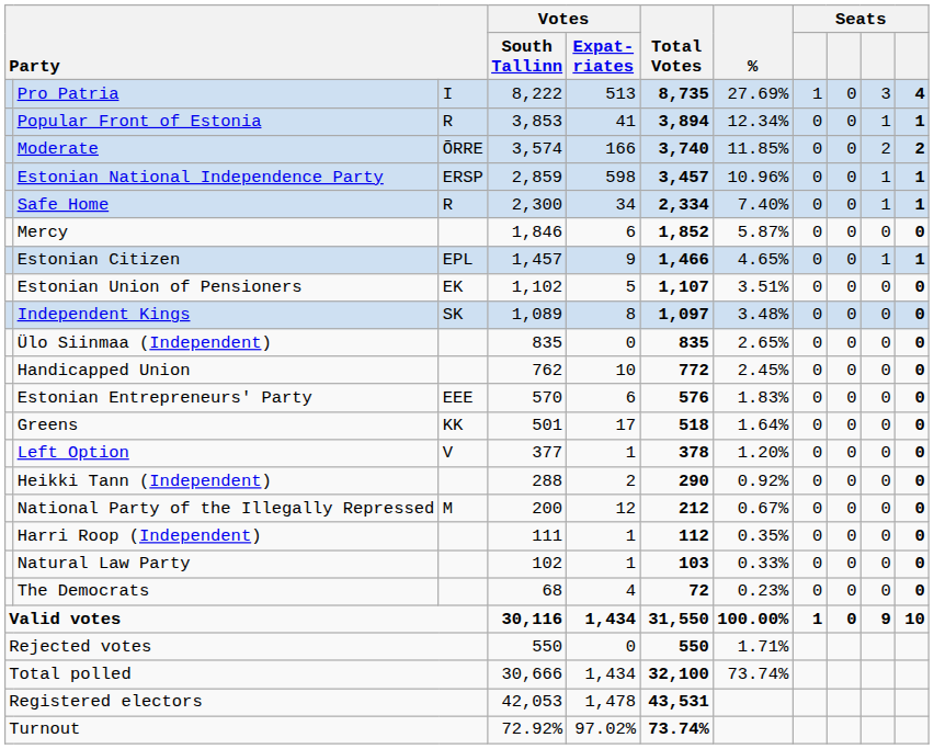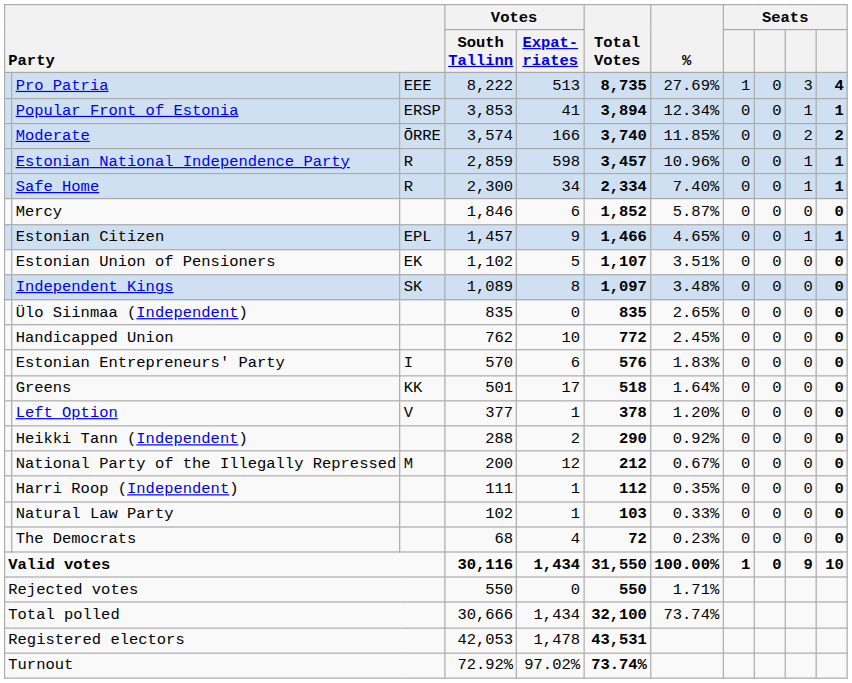 <table class="wikitable" border="1" style="text-align:right;">
 <tr>
 <th style="text-align:left;" valign=bottom rowspan=2 colspan=3>Party</th>
 <th colspan=2>Votes</th>
 <th align=center valign=bottom rowspan=2 width="50">Total Votes</th>
 <th align=center valign=bottom rowspan=2 width="50">%</th>
 <th colspan=4>Seats</th>
 </tr>
 <tr>
 <th align=center valign=bottom width="50">South <a href='#'>Tallinn</a></th>
 <th align=center valign=bottom width="50"><a href='#'>Expat- riates</a></th>
 <th align=center valign=bottom width="20"><small></small></th>
 <th align=center valign=bottom width="20"><small></small></th>
 <th align=center valign=bottom width="20"><small></small></th>
 <th align=center valign=bottom width="20"><small></small></th>
 </tr>
 <tr style="background:#CEE0F2;">
 <td style="background:"></td>
 <td align=left><a href='#'>Pro Patria</a></td>
-<td align=left>I</td>
+<td align=left>EEE</td>
 <td>8,222</td>
 <td>513</td>
 <td><strong>8,735</strong></td>
 <td>27.69%</td>
 <td>1</td>
 <td>0</td>
 <td>3</td>
 <td><strong>4</strong></td>
 </tr>
 <tr style="background:#CEE0F2;">
 <td style="background:"></td>
 <td align=left><a href='#'>Popular Front of Estonia</a></td>
-<td align=left>R</td>
+<td align=left>ERSP</td>
 <td>3,853</td>
 <td>41</td>
 <td><strong>3,894</strong></td>
 <td>12.34%</td>
 <td>0</td>
 <td>0</td>
 <td>1</td>
 <td><strong>1</strong></td>
 </tr>
 <tr style="background:#CEE0F2;">
 <td style="background:"></td>
 <td align=left><a href='#'>Moderate</a></td>
 <td align=left>ÕRRE</td>
 <td>3,574</td>
 <td>166</td>
 <td><strong>3,740</strong></td>
 <td>11.85%</td>
 <td>0</td>
 <td>0</td>
 <td>2</td>
 <td><strong>2</strong></td>
 </tr>
 <tr style="background:#CEE0F2;">
 <td></td>
 <td align=left><a href='#'>Estonian National Independence Party</a></td>
-<td align=left>ERSP</td>
+<td align=left>R</td>
 <td>2,859</td>
 <td>598</td>
 <td><strong>3,457</strong></td>
 <td>10.96%</td>
 <td>0</td>
 <td>0</td>
 <td>1</td>
 <td><strong>1</strong></td>
 </tr>
 <tr style="background:#CEE0F2;">
 <td style="background:"></td>
 <td align=left><a href='#'>Safe Home</a></td>
 <td align=left>R</td>
 <td>2,300</td>
 <td>34</td>
 <td><strong>2,334</strong></td>
 <td>7.40%</td>
 <td>0</td>
 <td>0</td>
 <td>1</td>
 <td><strong>1</strong></td>
 </tr>
 <tr>
 <td></td>
 <td align=left>Mercy</td>
 <td></td>
 <td>1,846</td>
 <td>6</td>
 <td><strong>1,852</strong></td>
 <td>5.87%</td>
 <td>0</td>
 <td>0</td>
 <td>0</td>
 <td><strong>0</strong></td>
 </tr>
 <tr style="background:#CEE0F2;">
 <td></td>
 <td align=left>Estonian Citizen</td>
 <td align=left>EPL</td>
 <td>1,457</td>
 <td>9</td>
 <td><strong>1,466</strong></td>
 <td>4.65%</td>
 <td>0</td>
 <td>0</td>
 <td>1</td>
 <td><strong>1</strong></td>
 </tr>
 <tr>
 <td></td>
 <td align=left>Estonian Union of Pensioners</td>
 <td align=left>EK</td>
 <td>1,102</td>
 <td>5</td>
 <td><strong>1,107</strong></td>
 <td>3.51%</td>
 <td>0</td>
 <td>0</td>
 <td>0</td>
 <td><strong>0</strong></td>
 </tr>
 <tr style="background:#CEE0F2;">
 <td></td>
 <td align=left><a href='#'>Independent Kings</a></td>
 <td align=left>SK</td>
 <td>1,089</td>
 <td>8</td>
 <td><strong>1,097</strong></td>
 <td>3.48%</td>
 <td>0</td>
 <td>0</td>
 <td>0</td>
 <td><strong>0</strong></td>
 </tr>
 <tr>
 <td style="background:"></td>
 <td align=left>Ülo Siinmaa (<a href='#'>Independent</a>)</td>
 <td></td>
 <td>835</td>
 <td>0</td>
 <td><strong>835</strong></td>
 <td>2.65%</td>
 <td>0</td>
 <td>0</td>
 <td>0</td>
 <td><strong>0</strong></td>
 </tr>
 <tr>
 <td></td>
 <td align=left>Handicapped Union</td>
 <td></td>
 <td>762</td>
 <td>10</td>
 <td><strong>772</strong></td>
 <td>2.45%</td>
 <td>0</td>
 <td>0</td>
 <td>0</td>
 <td><strong>0</strong></td>
 </tr>
 <tr>
 <td></td>
 <td align=left>Estonian Entrepreneurs' Party</td>
-<td align=left>EEE</td>
+<td align=left>I</td>
 <td>570</td>
 <td>6</td>
 <td><strong>576</strong></td>
 <td>1.83%</td>
 <td>0</td>
 <td>0</td>
 <td>0</td>
 <td><strong>0</strong></td>
 </tr>
 <tr>
 <td></td>
 <td align=left>Greens</td>
 <td align=left>KK</td>
 <td>501</td>
 <td>17</td>
 <td><strong>518</strong></td>
 <td>1.64%</td>
 <td>0</td>
 <td>0</td>
 <td>0</td>
 <td><strong>0</strong></td>
 </tr>
 <tr>
 <td style="background:"></td>
 <td align=left><a href='#'>Left Option</a></td>
 <td align=left>V</td>
 <td>377</td>
 <td>1</td>
 <td><strong>378</strong></td>
 <td>1.20%</td>
 <td>0</td>
 <td>0</td>
 <td>0</td>
 <td><strong>0</strong></td>
 </tr>
 <tr>
 <td style="background:"></td>
 <td align=left>Heikki Tann (<a href='#'>Independent</a>)</td>
 <td></td>
 <td>288</td>
 <td>2</td>
 <td><strong>290</strong></td>
 <td>0.92%</td>
 <td>0</td>
 <td>0</td>
 <td>0</td>
 <td><strong>0</strong></td>
 </tr>
 <tr>
 <td></td>
 <td align=left>National Party of the Illegally Repressed</td>
 <td align=left>M</td>
 <td>200</td>
 <td>12</td>
 <td><strong>212</strong></td>
 <td>0.67%</td>
 <td>0</td>
 <td>0</td>
 <td>0</td>
 <td><strong>0</strong></td>
 </tr>
 <tr>
 <td style="background:"></td>
 <td align=left>Harri Roop (<a href='#'>Independent</a>)</td>
 <td></td>
 <td>111</td>
 <td>1</td>
 <td><strong>112</strong></td>
 <td>0.35%</td>
 <td>0</td>
 <td>0</td>
 <td>0</td>
 <td><strong>0</strong></td>
 </tr>
 <tr>
 <td></td>
 <td align=left>Natural Law Party</td>
 <td></td>
 <td>102</td>
 <td>1</td>
 <td><strong>103</strong></td>
 <td>0.33%</td>
 <td>0</td>
 <td>0</td>
 <td>0</td>
 <td><strong>0</strong></td>
 </tr>
 <tr>
 <td></td>
 <td align=left>The Democrats</td>
 <td></td>
 <td>68</td>
 <td>4</td>
 <td><strong>72</strong></td>
 <td>0.23%</td>
 <td>0</td>
 <td>0</td>
 <td>0</td>
 <td><strong>0</strong></td>
 </tr>
 <tr style="font-weight:bold">
 <td align=left colspan=3>Valid votes</td>
 <td>30,116</td>
 <td>1,434</td>
 <td>31,550</td>
 <td>100.00%</td>
 <td>1</td>
 <td>0</td>
 <td>9</td>
 <td>10</td>
 </tr>
 <tr>
 <td align=left colspan=3>Rejected votes</td>
 <td>550</td>
 <td>0</td>
 <td><strong>550</strong></td>
 <td>1.71%</td>
 <td></td>
 <td></td>
 <td></td>
 <td></td>
 </tr>
 <tr>
 <td align=left colspan=3>Total polled</td>
 <td>30,666</td>
 <td>1,434</td>
 <td><strong>32,100</strong></td>
 <td>73.74%</td>
 <td></td>
 <td></td>
 <td></td>
 <td></td>
 </tr>
 <tr>
 <td align=left colspan=3>Registered electors</td>
 <td>42,053</td>
 <td>1,478</td>
 <td><strong>43,531</strong></td>
 <td></td>
 <td></td>
 <td></td>
 <td></td>
 <td></td>
 </tr>
 <tr>
 <td align=left colspan=3>Turnout</td>
 <td>72.92%</td>
 <td>97.02%</td>
 <td><strong>73.74%</strong></td>
 <td></td>
 <td></td>
 <td></td>
 <td></td>
 <td></td>
 </tr>
 </table>
